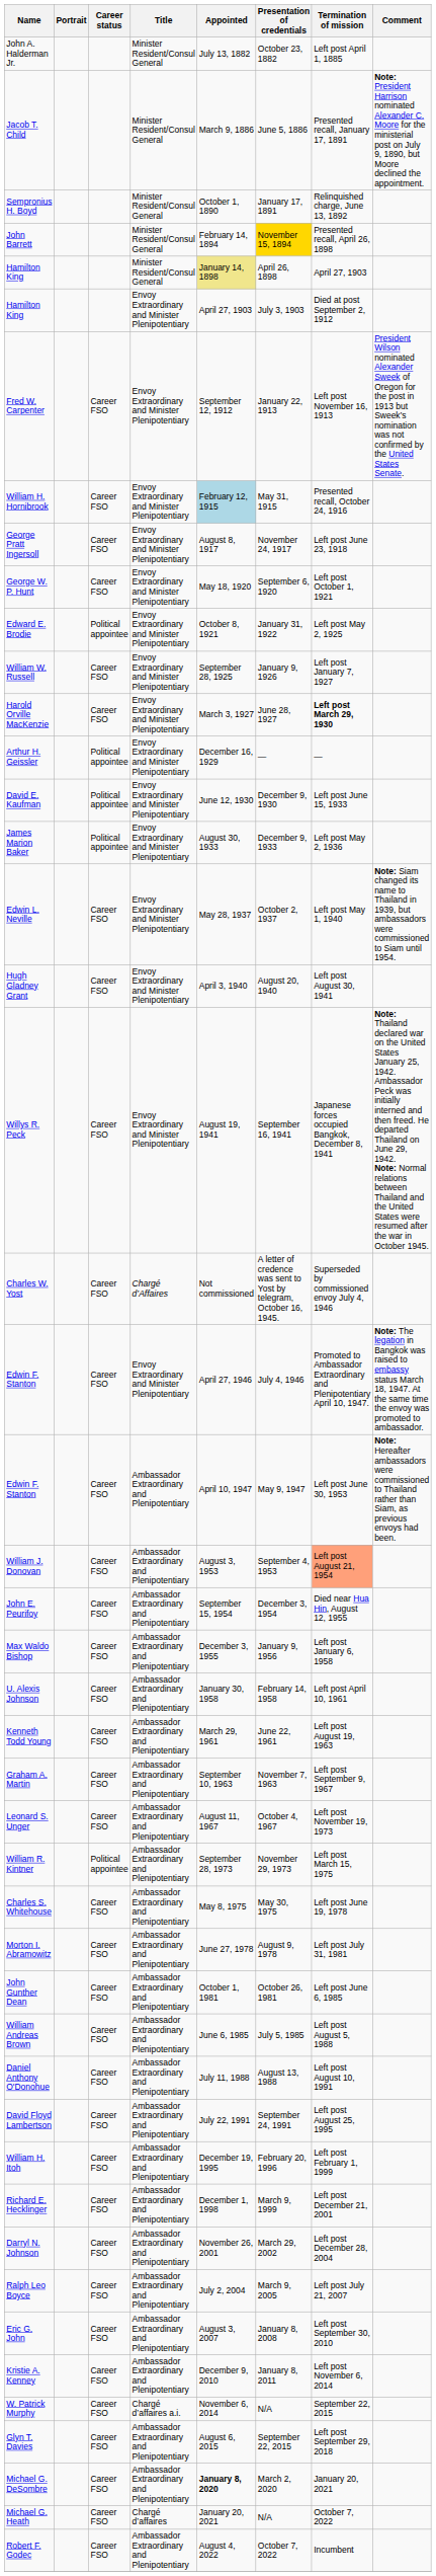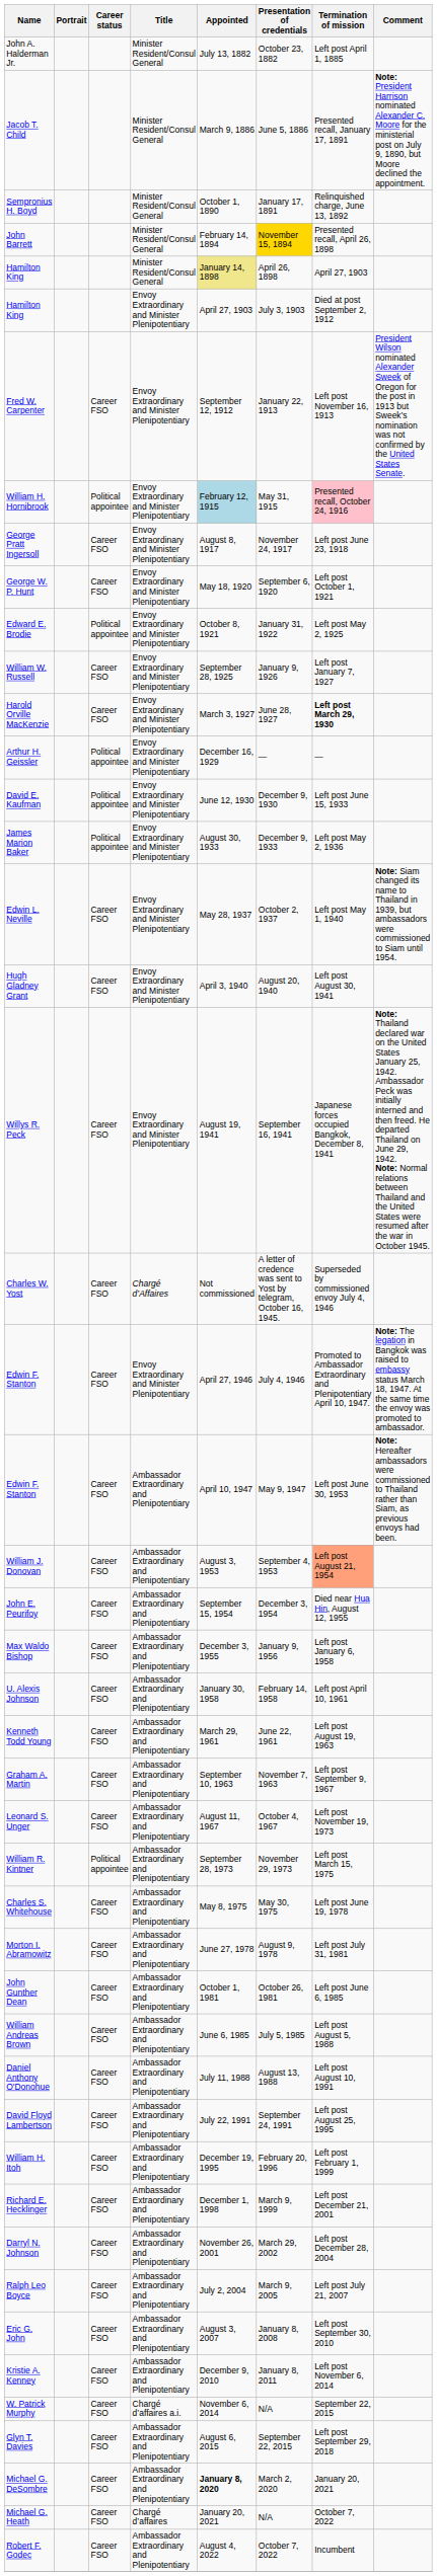 <table class = wikitable>
 <tr>
 <th>Name</th>
 <th>Portrait</th>
 <th>Career status</th>
 <th>Title</th>
 <th>Appointed</th>
 <th>Presentation<br>of credentials</th>
 <th>Termination of mission</th>
 <th>Comment</th>
 </tr>
 <tr>
 <td>John A. Halderman Jr. </td>
 <td></td>
 <td></td>
 <td>Minister Resident/Consul General</td>
 <td>July 13, 1882</td>
 <td>October 23, 1882</td>
 <td>Left post April 1, 1885</td>
 <td></td>
 </tr>
 <tr>
 <td><a href='#'>Jacob T. Child</a></td>
 <td></td>
 <td></td>
 <td>Minister Resident/Consul General</td>
 <td>March 9, 1886</td>
 <td>June 5, 1886</td>
 <td>Presented recall, January 17, 1891</td>
 <td><strong>Note:</strong> <a href='#'>President Harrison</a> nominated <a href='#'>Alexander C. Moore</a> for the ministerial post on July 9, 1890, but Moore declined the appointment.</td>
 </tr>
 <tr>
 <td><a href='#'>Sempronius H. Boyd</a></td>
 <td></td>
 <td></td>
 <td>Minister Resident/Consul General</td>
 <td>October 1, 1890</td>
 <td>January 17, 1891</td>
 <td>Relinquished charge, June 13, 1892</td>
 <td></td>
 </tr>
 <tr>
 <td><a href='#'>John Barrett</a></td>
 <td></td>
 <td></td>
 <td>Minister Resident/Consul General</td>
 <td>February 14, 1894</td>
 <td style="background: gold;">November 15, 1894</td>
 <td>Presented recall, April 26, 1898</td>
 <td></td>
 </tr>
 <tr>
 <td><a href='#'>Hamilton King</a></td>
 <td></td>
 <td></td>
 <td>Minister Resident/Consul General</td>
 <td style="background: khaki;">January 14, 1898</td>
 <td>April 26, 1898</td>
 <td>April 27, 1903</td>
 <td></td>
 </tr>
 <tr>
 <td><a href='#'>Hamilton King</a></td>
 <td></td>
 <td></td>
 <td>Envoy Extraordinary and Minister Plenipotentiary</td>
 <td>April 27, 1903</td>
 <td>July 3, 1903</td>
 <td>Died at post September 2, 1912</td>
 <td></td>
 </tr>
 <tr>
 <td><a href='#'>Fred W. Carpenter</a></td>
 <td></td>
 <td>Career FSO</td>
 <td>Envoy Extraordinary and Minister Plenipotentiary</td>
 <td>September 12, 1912</td>
 <td>January 22, 1913</td>
 <td>Left post November 16, 1913</td>
 <td><a href='#'>President Wilson</a> nominated <a href='#'>Alexander Sweek</a> of Oregon for the post in 1913 but Sweek’s nomination was not confirmed by the <a href='#'>United States Senate</a>.</td>
 </tr>
 <tr>
 <td><a href='#'>William H. Hornibrook</a></td>
 <td></td>
-<td>Career FSO</td>
+<td>Political appointee</td>
 <td>Envoy Extraordinary and Minister Plenipotentiary</td>
 <td style="background: lightblue;">February 12, 1915</td>
 <td>May 31, 1915</td>
-<td>Presented recall, October 24, 1916</td>
+<td style="background: pink;">Presented recall, October 24, 1916</td>
 <td></td>
 </tr>
 <tr>
 <td><a href='#'>George Pratt Ingersoll</a></td>
 <td></td>
 <td>Career FSO</td>
 <td>Envoy Extraordinary and Minister Plenipotentiary</td>
 <td>August 8, 1917</td>
 <td>November 24, 1917</td>
 <td>Left post June 23, 1918</td>
 <td></td>
 </tr>
 <tr>
 <td><a href='#'>George W. P. Hunt</a></td>
 <td></td>
 <td>Career FSO</td>
 <td>Envoy Extraordinary and Minister Plenipotentiary</td>
 <td>May 18, 1920</td>
 <td>September 6, 1920</td>
 <td>Left post October 1, 1921</td>
 <td></td>
 </tr>
 <tr>
 <td><a href='#'>Edward E. Brodie</a></td>
 <td></td>
 <td>Political appointee</td>
 <td>Envoy Extraordinary and Minister Plenipotentiary</td>
 <td>October 8, 1921</td>
 <td>January 31, 1922</td>
 <td>Left post May 2, 1925</td>
 <td></td>
 </tr>
 <tr>
 <td><a href='#'>William W. Russell</a></td>
 <td></td>
 <td>Career FSO</td>
 <td>Envoy Extraordinary and Minister Plenipotentiary</td>
 <td>September 28, 1925</td>
 <td>January 9, 1926</td>
 <td>Left post January 7, 1927</td>
 <td></td>
 </tr>
 <tr>
 <td><a href='#'>Harold Orville MacKenzie</a></td>
 <td></td>
 <td>Career FSO</td>
 <td>Envoy Extraordinary and Minister Plenipotentiary</td>
 <td>March 3, 1927</td>
 <td>June 28, 1927</td>
 <td><strong>Left post March 29, 1930</strong></td>
 <td></td>
 </tr>
 <tr>
 <td><a href='#'>Arthur H. Geissler</a></td>
 <td></td>
 <td>Political appointee</td>
 <td>Envoy Extraordinary and Minister Plenipotentiary</td>
 <td>December 16, 1929</td>
 <td>—</td>
 <td>—</td>
 <td></td>
 </tr>
 <tr>
 <td><a href='#'>David E. Kaufman</a></td>
 <td></td>
 <td>Political appointee</td>
 <td>Envoy Extraordinary and Minister Plenipotentiary</td>
 <td>June 12, 1930</td>
 <td>December 9, 1930</td>
 <td>Left post June 15, 1933</td>
 <td></td>
 </tr>
 <tr>
 <td><a href='#'>James Marion Baker</a></td>
 <td></td>
 <td>Political appointee</td>
 <td>Envoy Extraordinary and Minister Plenipotentiary</td>
 <td>August 30, 1933</td>
 <td>December 9, 1933</td>
 <td>Left post May 2, 1936</td>
 <td></td>
 </tr>
 <tr>
 <td><a href='#'>Edwin L. Neville</a></td>
 <td></td>
 <td>Career FSO</td>
 <td>Envoy Extraordinary and Minister Plenipotentiary</td>
 <td>May 28, 1937</td>
 <td>October 2, 1937</td>
 <td>Left post May 1, 1940</td>
 <td><strong>Note:</strong> Siam changed its name to Thailand in 1939, but ambassadors were commissioned to Siam until 1954.</td>
 </tr>
 <tr>
 <td><a href='#'>Hugh Gladney Grant</a></td>
 <td></td>
 <td>Career FSO</td>
 <td>Envoy Extraordinary and Minister Plenipotentiary</td>
 <td>April 3, 1940</td>
 <td>August 20, 1940</td>
 <td>Left post August 30, 1941</td>
 <td></td>
 </tr>
 <tr>
 <td><a href='#'>Willys R. Peck</a></td>
 <td></td>
 <td>Career FSO</td>
 <td>Envoy Extraordinary and Minister Plenipotentiary</td>
 <td>August 19, 1941</td>
 <td>September 16, 1941</td>
 <td>Japanese forces occupied Bangkok, December 8, 1941</td>
 <td><strong>Note:</strong> Thailand declared war on the United States January 25, 1942. Ambassador Peck was initially interned and then freed. He departed Thailand on June 29, 1942.<br><strong>Note:</strong> Normal relations between Thailand and the United States were resumed after the war in October 1945.</td>
 </tr>
 <tr>
 <td><a href='#'>Charles W. Yost</a></td>
 <td></td>
 <td>Career FSO</td>
 <td><em>Chargé d’Affaires</em></td>
 <td>Not commissioned</td>
 <td>A letter of credence was sent to Yost by telegram, October 16, 1945.</td>
 <td>Superseded by commissioned envoy July 4, 1946</td>
 <td></td>
 </tr>
 <tr>
 <td><a href='#'>Edwin F. Stanton</a></td>
 <td></td>
 <td>Career FSO</td>
 <td>Envoy Extraordinary and Minister Plenipotentiary</td>
 <td>April 27, 1946</td>
 <td>July 4, 1946</td>
 <td>Promoted to Ambassador Extraordinary and Plenipotentiary April 10, 1947.</td>
 <td><strong>Note:</strong> The <a href='#'>legation</a> in Bangkok was raised to <a href='#'>embassy</a> status March 18, 1947. At the same time the envoy was promoted to ambassador.</td>
 </tr>
 <tr>
 <td><a href='#'>Edwin F. Stanton</a></td>
 <td></td>
 <td>Career FSO</td>
 <td>Ambassador Extraordinary and Plenipotentiary</td>
 <td>April 10, 1947</td>
 <td>May 9, 1947</td>
 <td>Left post June 30, 1953</td>
 <td><strong>Note:</strong> Hereafter ambassadors were commissioned to Thailand rather than Siam, as previous envoys had been.</td>
 </tr>
 <tr>
 <td><a href='#'>William J. Donovan</a></td>
 <td></td>
 <td>Career FSO</td>
 <td>Ambassador Extraordinary and Plenipotentiary</td>
 <td>August 3, 1953</td>
 <td>September 4, 1953</td>
 <td style="background: lightsalmon;">Left post August 21, 1954</td>
 <td></td>
 </tr>
 <tr>
 <td><a href='#'>John E. Peurifoy</a></td>
 <td></td>
 <td>Career FSO</td>
 <td>Ambassador Extraordinary and Plenipotentiary</td>
 <td>September 15, 1954</td>
 <td>December 3, 1954</td>
 <td>Died near <a href='#'>Hua Hin</a>, August 12, 1955</td>
 <td></td>
 </tr>
 <tr>
 <td><a href='#'>Max Waldo Bishop</a></td>
 <td></td>
 <td>Career FSO</td>
 <td>Ambassador Extraordinary and Plenipotentiary</td>
 <td>December 3, 1955</td>
 <td>January 9, 1956</td>
 <td>Left post January 6, 1958</td>
 <td></td>
 </tr>
 <tr>
 <td><a href='#'>U. Alexis Johnson</a></td>
 <td></td>
 <td>Career FSO</td>
 <td>Ambassador Extraordinary and Plenipotentiary</td>
 <td>January 30, 1958</td>
 <td>February 14, 1958</td>
 <td>Left post April 10, 1961</td>
 <td></td>
 </tr>
 <tr>
 <td><a href='#'>Kenneth Todd Young</a></td>
 <td></td>
 <td>Career FSO</td>
 <td>Ambassador Extraordinary and Plenipotentiary</td>
 <td>March 29, 1961</td>
 <td>June 22, 1961</td>
 <td>Left post August 19, 1963</td>
 <td></td>
 </tr>
 <tr>
 <td><a href='#'>Graham A. Martin</a></td>
 <td></td>
 <td>Career FSO</td>
 <td>Ambassador Extraordinary and Plenipotentiary</td>
 <td>September 10, 1963</td>
 <td>November 7, 1963</td>
 <td>Left post September 9, 1967</td>
 <td></td>
 </tr>
 <tr>
 <td><a href='#'>Leonard S. Unger</a></td>
 <td></td>
 <td>Career FSO</td>
 <td>Ambassador Extraordinary and Plenipotentiary</td>
 <td>August 11, 1967</td>
 <td>October 4, 1967</td>
 <td>Left post November 19, 1973</td>
 <td></td>
 </tr>
 <tr>
 <td><a href='#'>William R. Kintner</a></td>
 <td></td>
 <td>Political appointee</td>
 <td>Ambassador Extraordinary and Plenipotentiary</td>
 <td>September 28, 1973</td>
 <td>November 29, 1973</td>
 <td>Left post March 15, 1975</td>
 <td></td>
 </tr>
 <tr>
 <td><a href='#'>Charles S. Whitehouse</a></td>
 <td></td>
 <td>Career FSO</td>
 <td>Ambassador Extraordinary and Plenipotentiary</td>
 <td>May 8, 1975</td>
 <td>May 30, 1975</td>
 <td>Left post June 19, 1978</td>
 <td></td>
 </tr>
 <tr>
 <td><a href='#'>Morton I. Abramowitz</a></td>
 <td></td>
 <td>Career FSO</td>
 <td>Ambassador Extraordinary and Plenipotentiary</td>
 <td>June 27, 1978</td>
 <td>August 9, 1978</td>
 <td>Left post July 31, 1981</td>
 <td></td>
 </tr>
 <tr>
 <td><a href='#'>John Gunther Dean</a></td>
 <td></td>
 <td>Career FSO</td>
 <td>Ambassador Extraordinary and Plenipotentiary</td>
 <td>October 1, 1981</td>
 <td>October 26, 1981</td>
 <td>Left post June 6, 1985</td>
 <td></td>
 </tr>
 <tr>
 <td><a href='#'>William Andreas Brown</a></td>
 <td></td>
 <td>Career FSO</td>
 <td>Ambassador Extraordinary and Plenipotentiary</td>
 <td>June 6, 1985</td>
 <td>July 5, 1985</td>
 <td>Left post August 5, 1988</td>
 <td></td>
 </tr>
 <tr>
 <td><a href='#'>Daniel Anthony O'Donohue</a></td>
 <td></td>
 <td>Career FSO</td>
 <td>Ambassador Extraordinary and Plenipotentiary</td>
 <td>July 11, 1988</td>
 <td>August 13, 1988</td>
 <td>Left post August 10, 1991</td>
 <td></td>
 </tr>
 <tr>
 <td><a href='#'>David Floyd Lambertson</a></td>
 <td></td>
 <td>Career FSO</td>
 <td>Ambassador Extraordinary and Plenipotentiary</td>
 <td>July 22, 1991</td>
 <td>September 24, 1991</td>
 <td>Left post August 25, 1995</td>
 <td></td>
 </tr>
 <tr>
 <td><a href='#'>William H. Itoh</a></td>
 <td></td>
 <td>Career FSO</td>
 <td>Ambassador Extraordinary and Plenipotentiary</td>
 <td>December 19, 1995</td>
 <td>February 20, 1996</td>
 <td>Left post February 1, 1999</td>
 <td></td>
 </tr>
 <tr>
 <td><a href='#'>Richard E. Hecklinger</a></td>
 <td></td>
 <td>Career FSO</td>
 <td>Ambassador Extraordinary and Plenipotentiary</td>
 <td>December 1, 1998</td>
 <td>March 9, 1999</td>
 <td>Left post December 21, 2001</td>
 <td></td>
 </tr>
 <tr>
 <td><a href='#'>Darryl N. Johnson</a></td>
 <td></td>
 <td>Career FSO</td>
 <td>Ambassador Extraordinary and Plenipotentiary</td>
 <td>November 26, 2001</td>
 <td>March 29, 2002</td>
 <td>Left post December 28, 2004</td>
 <td></td>
 </tr>
 <tr>
 <td><a href='#'>Ralph Leo Boyce</a></td>
 <td></td>
 <td>Career FSO</td>
 <td>Ambassador Extraordinary and Plenipotentiary</td>
 <td>July 2, 2004</td>
 <td>March 9, 2005</td>
 <td>Left post July 21, 2007</td>
 <td></td>
 </tr>
 <tr>
 <td><a href='#'>Eric G. John</a></td>
 <td></td>
 <td>Career FSO</td>
 <td>Ambassador Extraordinary and Plenipotentiary</td>
 <td>August 3, 2007</td>
 <td>January 8, 2008</td>
 <td>Left post September 30, 2010</td>
 <td></td>
 </tr>
 <tr>
 <td><a href='#'>Kristie A. Kenney</a></td>
 <td></td>
 <td>Career FSO</td>
 <td>Ambassador Extraordinary and Plenipotentiary</td>
 <td>December 9, 2010</td>
 <td>January 8, 2011</td>
 <td>Left post November 6, 2014</td>
 <td></td>
 </tr>
 <tr>
 <td><a href='#'>W. Patrick Murphy</a></td>
 <td></td>
 <td>Career FSO</td>
 <td>Chargé d’affaires a.i.</td>
 <td>November 6, 2014</td>
 <td>N/A</td>
 <td>September 22, 2015</td>
 <td></td>
 </tr>
 <tr>
 <td><a href='#'>Glyn T. Davies</a></td>
 <td></td>
 <td>Career FSO</td>
 <td>Ambassador Extraordinary and Plenipotentiary</td>
 <td>August 6, 2015</td>
 <td>September 22, 2015</td>
 <td>Left post September 29, 2018</td>
 <td></td>
 </tr>
 <tr>
 <td><a href='#'>Michael G. DeSombre</a></td>
 <td></td>
 <td>Career FSO</td>
 <td>Ambassador Extraordinary and Plenipotentiary</td>
 <td><strong>January 8, 2020</strong></td>
 <td>March 2, 2020</td>
 <td>January 20, 2021</td>
 <td></td>
 </tr>
 <tr>
 <td><a href='#'>Michael G. Heath</a></td>
 <td></td>
 <td>Career FSO</td>
 <td>Chargé d’affaires</td>
 <td>January 20, 2021</td>
 <td>N/A</td>
 <td>October 7, 2022</td>
 <td></td>
 </tr>
 <tr>
 <td><a href='#'>Robert F. Godec</a></td>
 <td></td>
 <td>Career FSO</td>
 <td>Ambassador Extraordinary and Plenipotentiary</td>
 <td>August 4, 2022</td>
 <td>October 7, 2022</td>
 <td>Incumbent</td>
 <td></td>
 </tr>
 <tr>
 </tr>
 </table>
